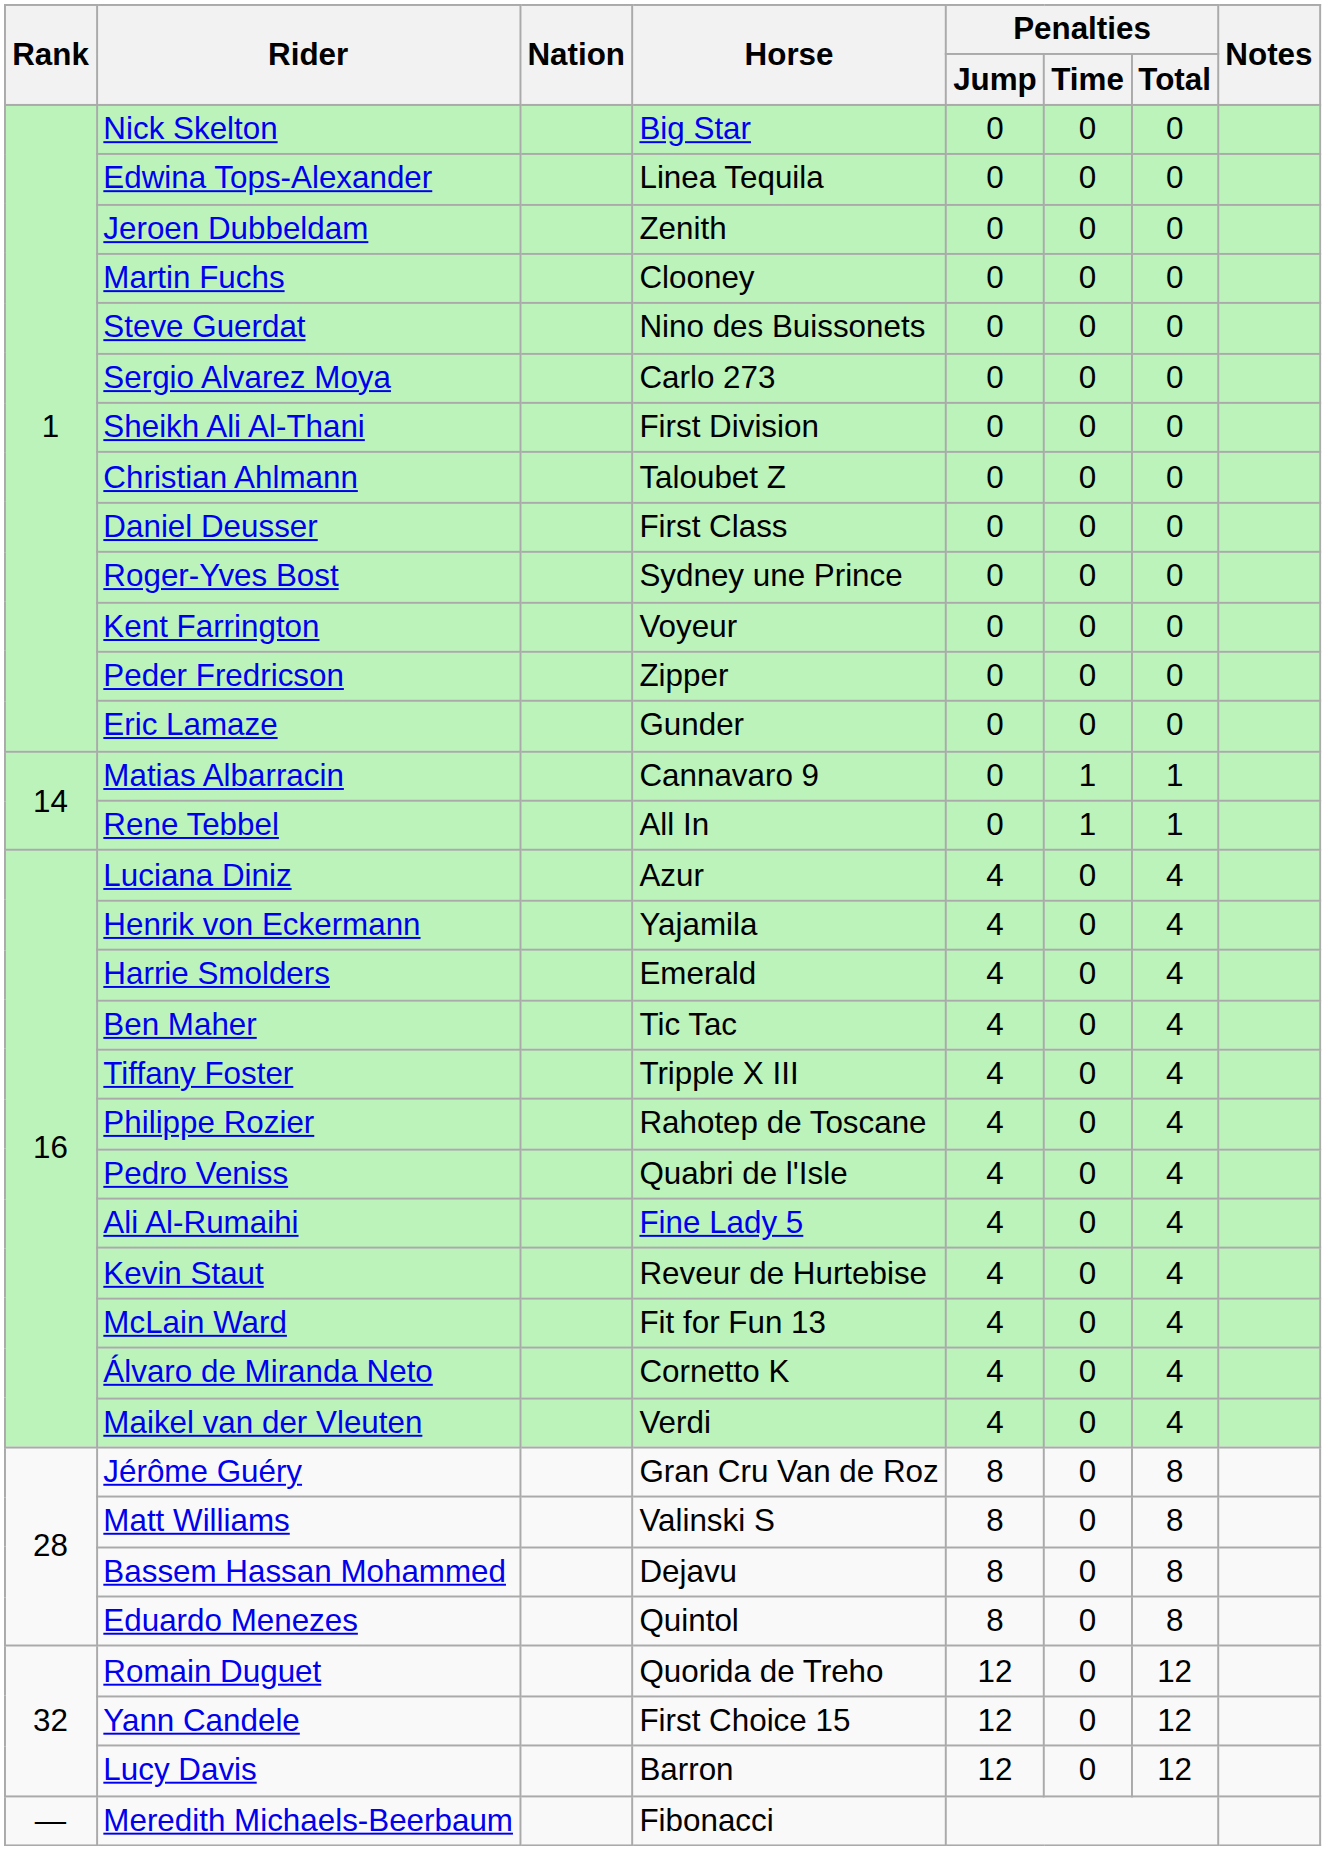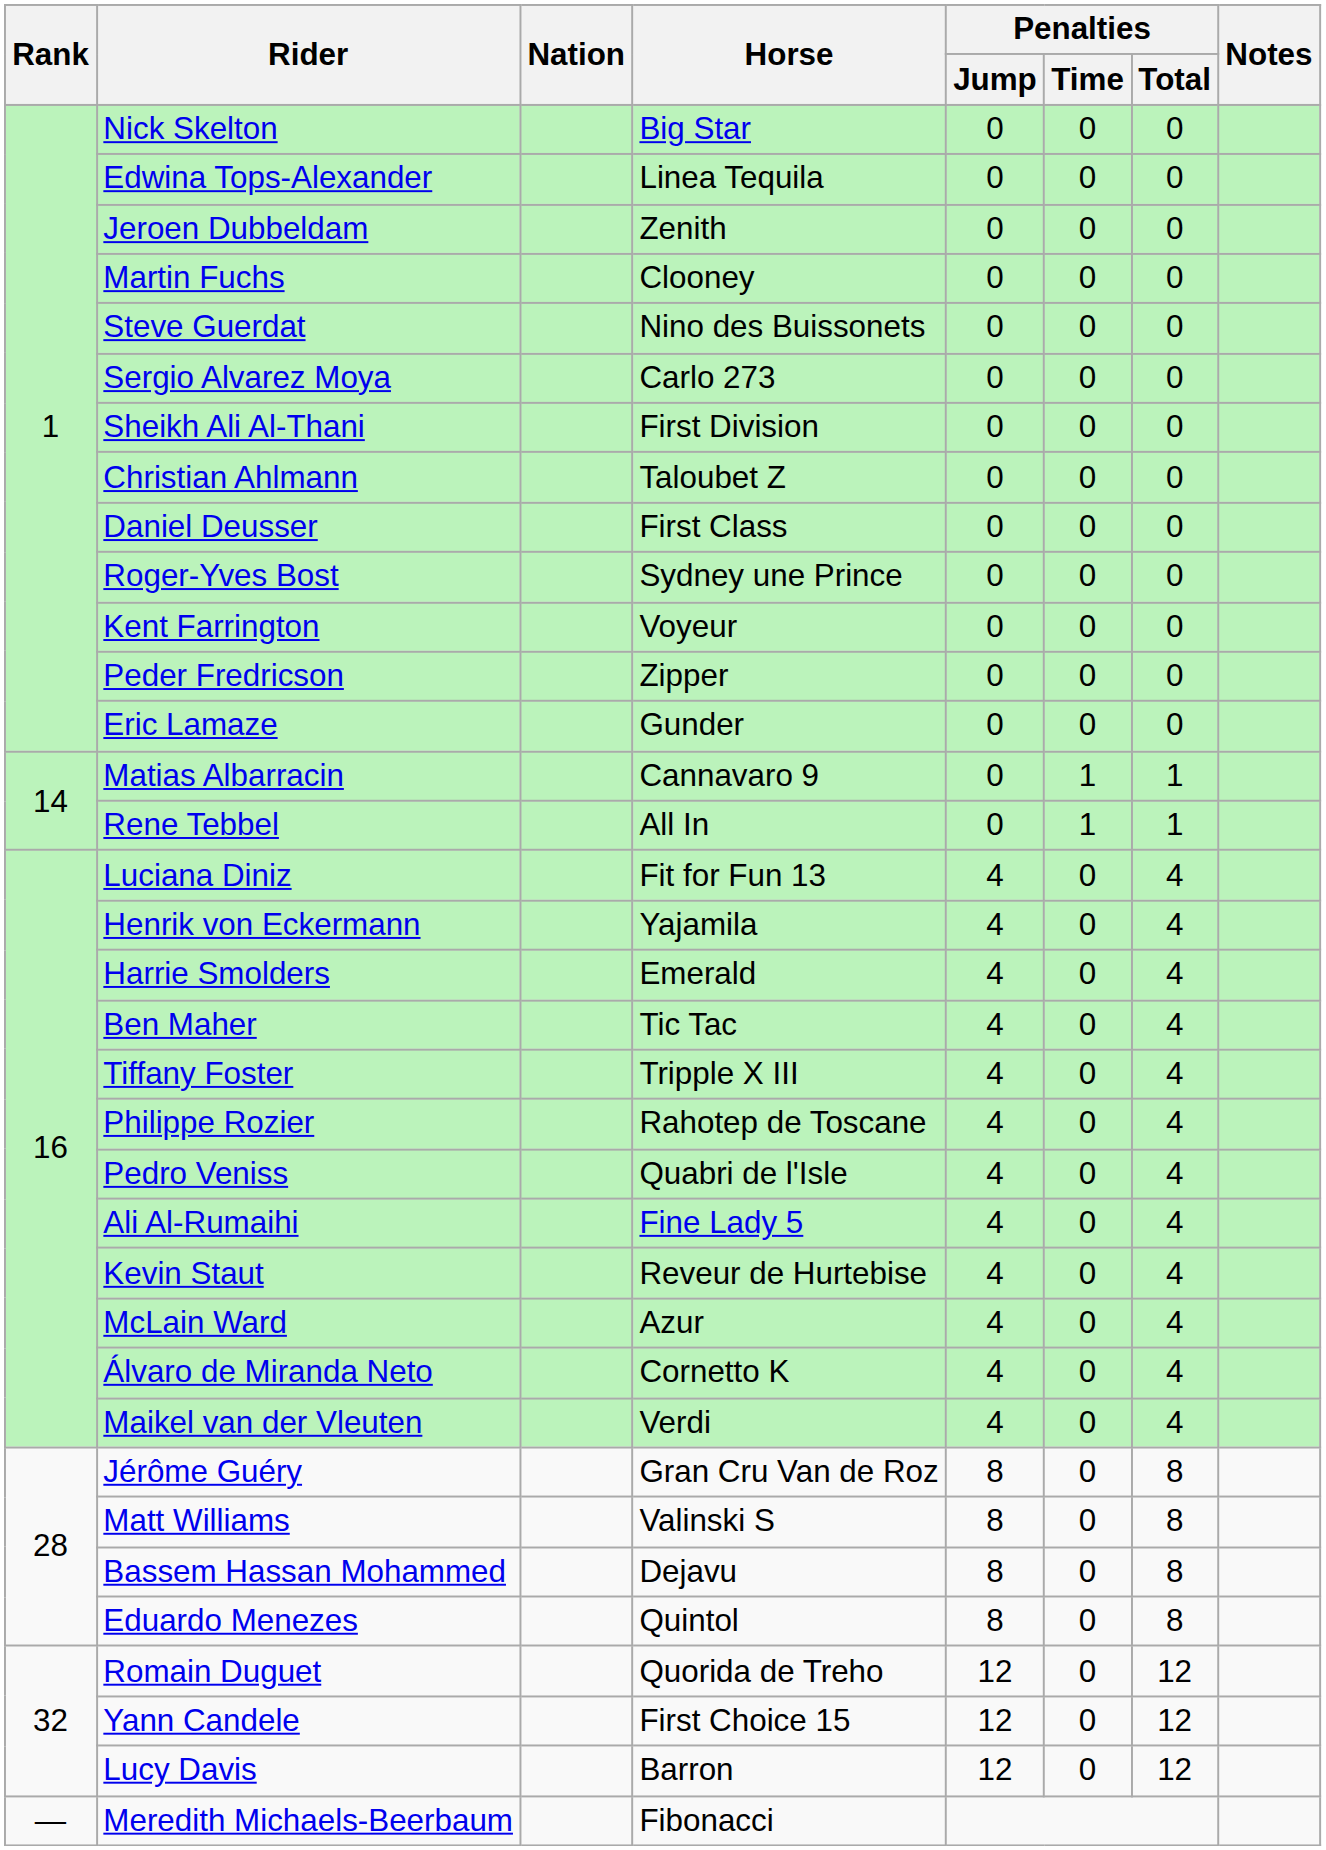 <table class="wikitable sortable" style="text-align:center">
 <tr>
 <th rowspan="2">Rank</th>
 <th rowspan="2">Rider</th>
 <th rowspan=2>Nation</th>
 <th rowspan="2">Horse</th>
 <th colspan=3>Penalties</th>
 <th rowspan=2>Notes</th>
 </tr>
 <tr>
 <th>Jump</th>
 <th>Time</th>
 <th>Total</th>
 </tr>
 <tr bgcolor=bbf3bb>
 <td rowspan="13">1</td>
 <td align=left><a href='#'>Nick Skelton</a></td>
 <td align=left></td>
 <td align=left><a href='#'>Big Star</a></td>
 <td>0</td>
 <td>0</td>
 <td>0</td>
 <td></td>
 </tr>
 <tr bgcolor=bbf3bb>
 <td align=left><a href='#'>Edwina Tops-Alexander</a></td>
 <td align=left></td>
 <td align=left>Linea Tequila</td>
 <td>0</td>
 <td>0</td>
 <td>0</td>
 <td></td>
 </tr>
 <tr bgcolor=bbf3bb>
 <td align=left><a href='#'>Jeroen Dubbeldam</a></td>
 <td align=left></td>
 <td align=left>Zenith</td>
 <td>0</td>
 <td>0</td>
 <td>0</td>
 <td></td>
 </tr>
 <tr bgcolor=bbf3bb>
 <td align=left><a href='#'>Martin Fuchs</a></td>
 <td align=left></td>
 <td align=left>Clooney</td>
 <td>0</td>
 <td>0</td>
 <td>0</td>
 <td></td>
 </tr>
 <tr bgcolor=bbf3bb>
 <td align=left><a href='#'>Steve Guerdat</a></td>
 <td align=left></td>
 <td align=left>Nino des Buissonets</td>
 <td>0</td>
 <td>0</td>
 <td>0</td>
 <td></td>
 </tr>
 <tr bgcolor=bbf3bb>
 <td align=left><a href='#'>Sergio Alvarez Moya</a></td>
 <td align=left></td>
 <td align=left>Carlo 273</td>
 <td>0</td>
 <td>0</td>
 <td>0</td>
 <td></td>
 </tr>
 <tr bgcolor=bbf3bb>
 <td align=left><a href='#'>Sheikh Ali Al-Thani</a></td>
 <td align=left></td>
 <td align=left>First Division</td>
 <td>0</td>
 <td>0</td>
 <td>0</td>
 <td></td>
 </tr>
 <tr bgcolor=bbf3bb>
 <td align=left><a href='#'>Christian Ahlmann</a></td>
 <td align=left></td>
 <td align=left>Taloubet Z</td>
 <td>0</td>
 <td>0</td>
 <td>0</td>
 <td></td>
 </tr>
 <tr bgcolor=bbf3bb>
 <td align=left><a href='#'>Daniel Deusser</a></td>
 <td align=left></td>
 <td align=left>First Class</td>
 <td>0</td>
 <td>0</td>
 <td>0</td>
 <td></td>
 </tr>
 <tr bgcolor=bbf3bb>
 <td align=left><a href='#'>Roger-Yves Bost</a></td>
 <td align=left></td>
 <td align=left>Sydney une Prince</td>
 <td>0</td>
 <td>0</td>
 <td>0</td>
 <td></td>
 </tr>
 <tr bgcolor=bbf3bb>
 <td align=left><a href='#'>Kent Farrington</a></td>
 <td align=left></td>
 <td align=left>Voyeur</td>
 <td>0</td>
 <td>0</td>
 <td>0</td>
 <td></td>
 </tr>
 <tr bgcolor=bbf3bb>
 <td align=left><a href='#'>Peder Fredricson</a></td>
 <td align=left></td>
 <td align=left>Zipper</td>
 <td>0</td>
 <td>0</td>
 <td>0</td>
 <td></td>
 </tr>
 <tr bgcolor=bbf3bb>
 <td align=left><a href='#'>Eric Lamaze</a></td>
 <td align=left></td>
 <td align=left>Gunder</td>
 <td>0</td>
 <td>0</td>
 <td>0</td>
 <td></td>
 </tr>
 <tr bgcolor=bbf3bb>
 <td rowspan="2">14</td>
 <td align=left><a href='#'>Matias Albarracin</a></td>
 <td align=left></td>
 <td align=left>Cannavaro 9</td>
 <td>0</td>
 <td>1</td>
 <td>1</td>
 <td></td>
 </tr>
 <tr bgcolor=bbf3bb>
 <td align=left><a href='#'>Rene Tebbel</a></td>
 <td align=left></td>
 <td align=left>All In</td>
 <td>0</td>
 <td>1</td>
 <td>1</td>
 <td></td>
 </tr>
 <tr bgcolor=bbf3bb>
 <td rowspan="12">16</td>
 <td align=left><a href='#'>Luciana Diniz</a></td>
 <td align=left></td>
-<td align=left>Azur</td>
+<td align=left>Fit for Fun 13</td>
 <td>4</td>
 <td>0</td>
 <td>4</td>
 <td></td>
 </tr>
 <tr bgcolor=bbf3bb>
 <td align=left><a href='#'>Henrik von Eckermann</a></td>
 <td align=left></td>
 <td align=left>Yajamila</td>
 <td>4</td>
 <td>0</td>
 <td>4</td>
 <td></td>
 </tr>
 <tr bgcolor=bbf3bb>
 <td align=left><a href='#'>Harrie Smolders</a></td>
 <td align=left></td>
 <td align=left>Emerald</td>
 <td>4</td>
 <td>0</td>
 <td>4</td>
 <td></td>
 </tr>
 <tr bgcolor=bbf3bb>
 <td align=left><a href='#'>Ben Maher</a></td>
 <td align=left></td>
 <td align=left>Tic Tac</td>
 <td>4</td>
 <td>0</td>
 <td>4</td>
 <td></td>
 </tr>
 <tr bgcolor=bbf3bb>
 <td align=left><a href='#'>Tiffany Foster</a></td>
 <td align=left></td>
 <td align=left>Tripple X III</td>
 <td>4</td>
 <td>0</td>
 <td>4</td>
 <td></td>
 </tr>
 <tr bgcolor=bbf3bb>
 <td align=left><a href='#'>Philippe Rozier</a></td>
 <td align=left></td>
 <td align=left>Rahotep de Toscane</td>
 <td>4</td>
 <td>0</td>
 <td>4</td>
 <td></td>
 </tr>
 <tr bgcolor=bbf3bb>
 <td align=left><a href='#'>Pedro Veniss</a></td>
 <td align=left></td>
 <td align=left>Quabri de l'Isle</td>
 <td>4</td>
 <td>0</td>
 <td>4</td>
 <td></td>
 </tr>
 <tr bgcolor=bbf3bb>
 <td align=left><a href='#'>Ali Al-Rumaihi</a></td>
 <td align=left></td>
 <td align=left><a href='#'>Fine Lady 5</a></td>
 <td>4</td>
 <td>0</td>
 <td>4</td>
 <td></td>
 </tr>
 <tr bgcolor=bbf3bb>
 <td align=left><a href='#'>Kevin Staut</a></td>
 <td align=left></td>
 <td align=left>Reveur de Hurtebise</td>
 <td>4</td>
 <td>0</td>
 <td>4</td>
 <td></td>
 </tr>
 <tr bgcolor=bbf3bb>
 <td align=left><a href='#'>McLain Ward</a></td>
 <td align=left></td>
-<td align=left>Fit for Fun 13</td>
+<td align=left>Azur</td>
 <td>4</td>
 <td>0</td>
 <td>4</td>
 <td></td>
 </tr>
 <tr bgcolor=bbf3bb>
 <td align=left><a href='#'>Álvaro de Miranda Neto</a></td>
 <td align=left></td>
 <td align=left>Cornetto K</td>
 <td>4</td>
 <td>0</td>
 <td>4</td>
 <td></td>
 </tr>
 <tr bgcolor=bbf3bb>
 <td align=left><a href='#'>Maikel van der Vleuten</a></td>
 <td align=left></td>
 <td align=left>Verdi</td>
 <td>4</td>
 <td>0</td>
 <td>4</td>
 <td></td>
 </tr>
 <tr>
 <td rowspan="4">28</td>
 <td align=left><a href='#'>Jérôme Guéry</a></td>
 <td align=left></td>
 <td align=left>Gran Cru Van de Roz</td>
 <td>8</td>
 <td>0</td>
 <td>8</td>
 <td></td>
 </tr>
 <tr>
 <td align=left><a href='#'>Matt Williams</a></td>
 <td align=left></td>
 <td align=left>Valinski S</td>
 <td>8</td>
 <td>0</td>
 <td>8</td>
 <td></td>
 </tr>
 <tr>
 <td align=left><a href='#'>Bassem Hassan Mohammed</a></td>
 <td align=left></td>
 <td align=left>Dejavu</td>
 <td>8</td>
 <td>0</td>
 <td>8</td>
 <td></td>
 </tr>
 <tr>
 <td align=left><a href='#'>Eduardo Menezes</a></td>
 <td align=left></td>
 <td align=left>Quintol</td>
 <td>8</td>
 <td>0</td>
 <td>8</td>
 <td></td>
 </tr>
 <tr>
 <td rowspan="3">32</td>
 <td align=left><a href='#'>Romain Duguet</a></td>
 <td align=left></td>
 <td align=left>Quorida de Treho</td>
 <td>12</td>
 <td>0</td>
 <td>12</td>
 <td></td>
 </tr>
 <tr>
 <td align=left><a href='#'>Yann Candele</a></td>
 <td align=left></td>
 <td align=left>First Choice 15</td>
 <td>12</td>
 <td>0</td>
 <td>12</td>
 <td></td>
 </tr>
 <tr>
 <td align=left><a href='#'>Lucy Davis</a></td>
 <td align=left></td>
 <td align=left>Barron</td>
 <td>12</td>
 <td>0</td>
 <td>12</td>
 <td></td>
 </tr>
 <tr>
 <td data-sort-value=35>—</td>
 <td align=left><a href='#'>Meredith Michaels-Beerbaum</a></td>
 <td align=left></td>
 <td align=left>Fibonacci</td>
 <td colspan=3 data-sort-value=50></td>
 <td></td>
 </tr>
 </table>
